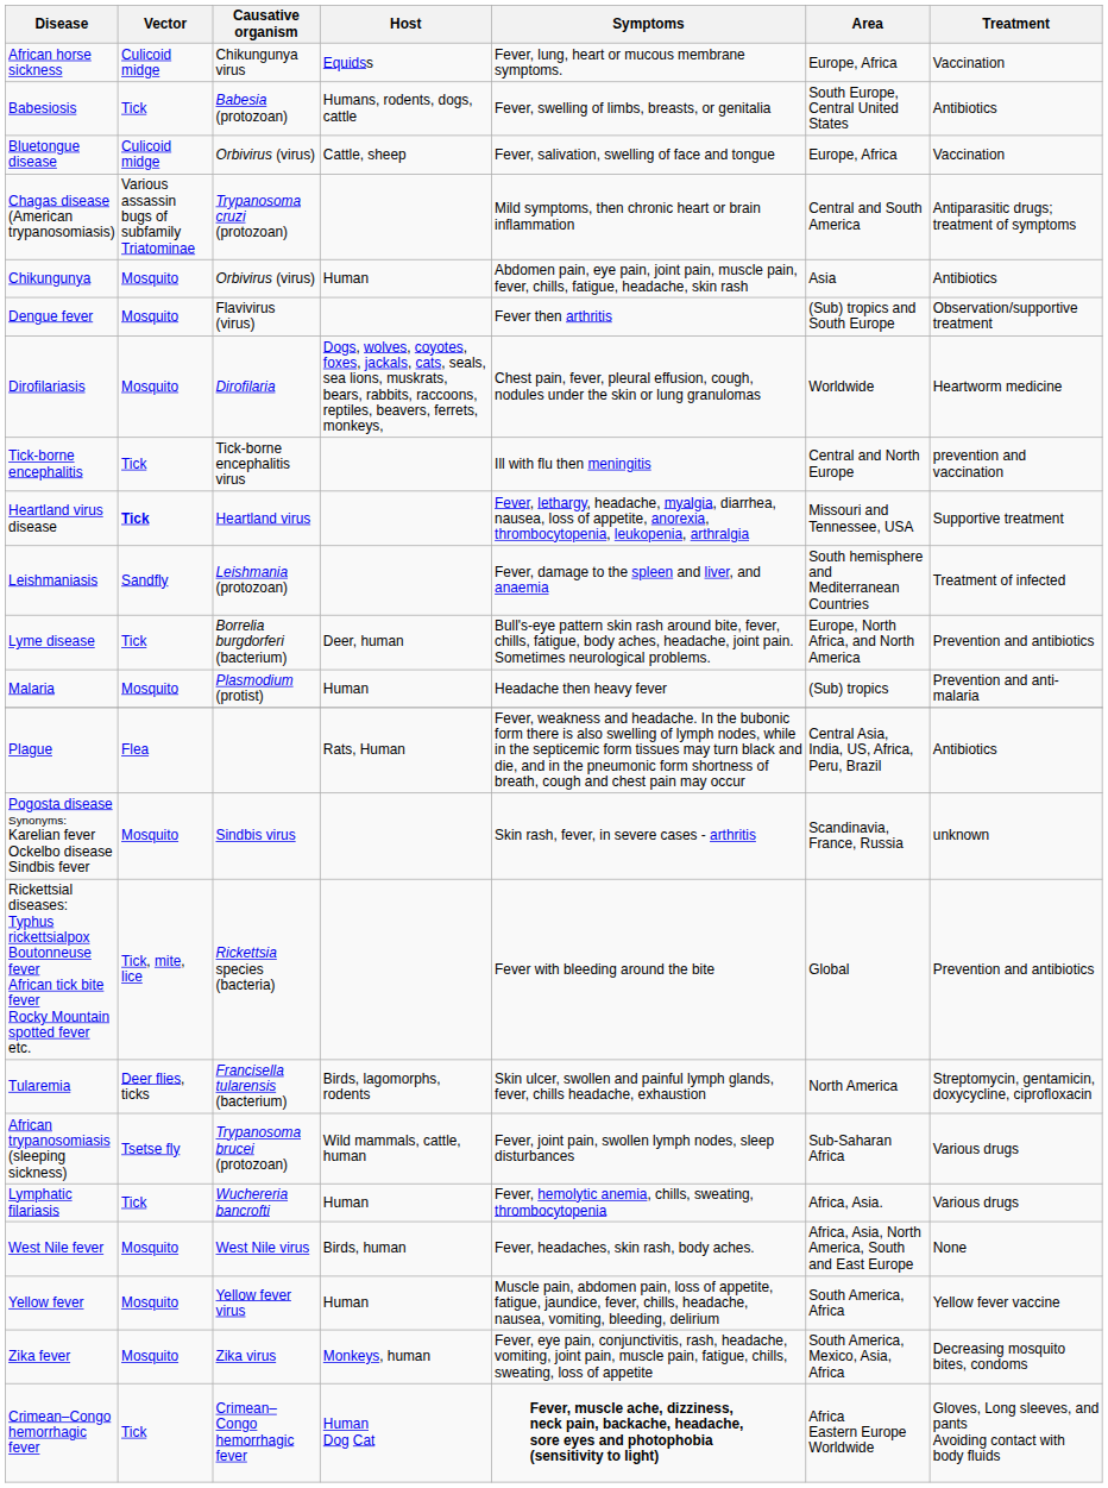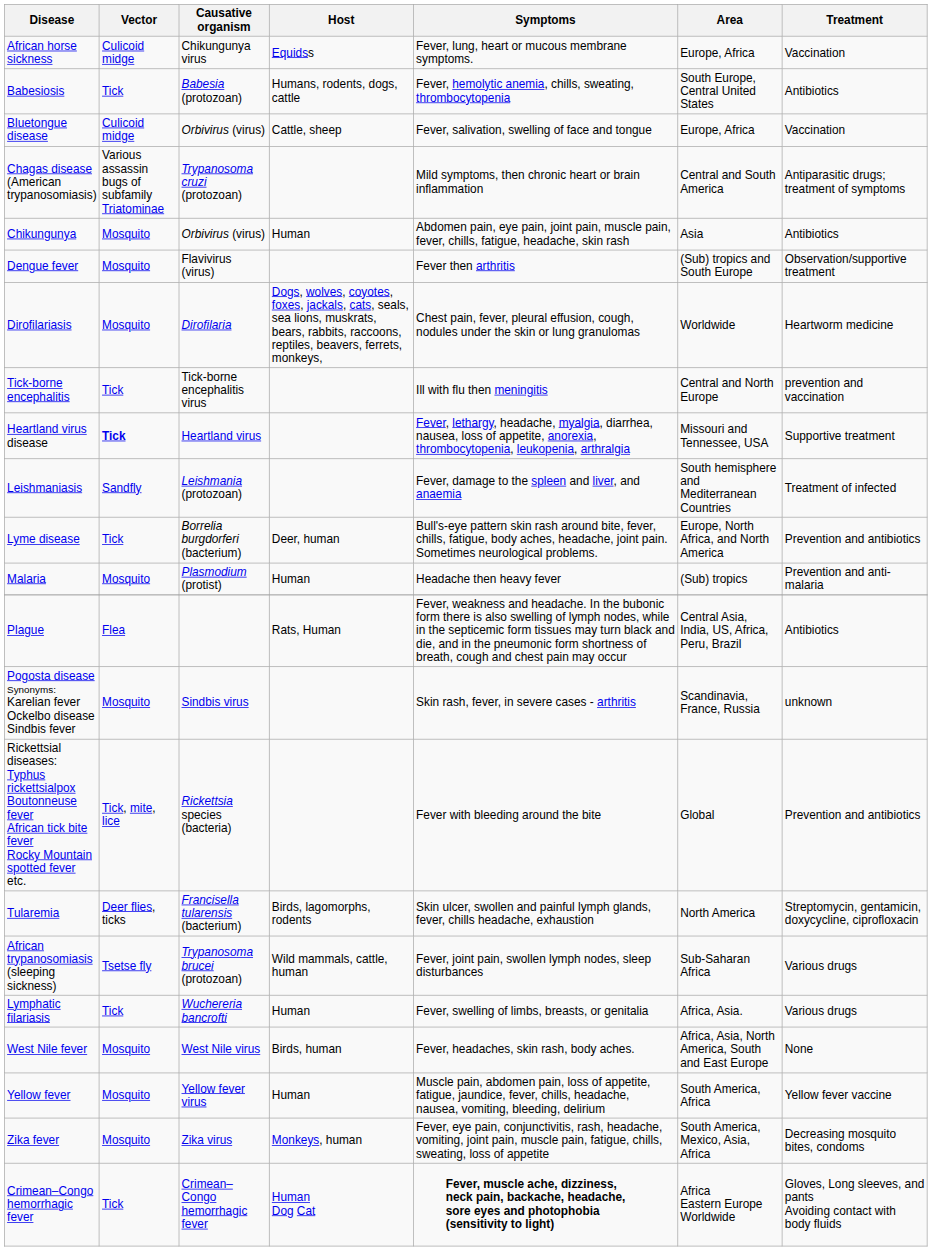 <table class="wikitable">
 <tr>
 <th width="100">Disease</th>
 <th width="100">Vector</th>
 <th>Causative organism</th>
 <th>Host</th>
 <th>Symptoms</th>
 <th>Area</th>
 <th>Treatment</th>
 </tr>
 <tr>
 <td><a href='#'>African horse sickness</a></td>
 <td><a href='#'>Culicoid midge</a></td>
 <td>Chikungunya virus</td>
 <td><a href='#'>Equids</a>s</td>
 <td>Fever, lung, heart or mucous membrane symptoms.</td>
 <td>Europe, Africa</td>
 <td>Vaccination</td>
 </tr>
 <tr>
 <td><a href='#'>Babesiosis</a></td>
 <td><a href='#'>Tick</a></td>
 <td><em><a href='#'>Babesia</a></em> (protozoan)</td>
 <td>Humans, rodents, dogs, cattle</td>
-<td>Fever, swelling of limbs, breasts, or genitalia</td>
+<td>Fever, <a href='#'>hemolytic anemia</a>, chills, sweating, <a href='#'>thrombocytopenia</a></td>
 <td>South Europe, Central United States</td>
 <td>Antibiotics</td>
 </tr>
 <tr>
 <td><a href='#'>Bluetongue disease</a></td>
 <td><a href='#'>Culicoid midge</a></td>
 <td><em>Orbivirus</em> (virus)</td>
 <td>Cattle, sheep</td>
 <td>Fever, salivation, swelling of face and tongue</td>
 <td>Europe, Africa</td>
 <td>Vaccination</td>
 </tr>
 <tr>
 <td><a href='#'>Chagas disease</a> (American trypanosomiasis)</td>
 <td>Various assassin bugs of subfamily <a href='#'>Triatominae</a></td>
 <td><em><a href='#'>Trypanosoma cruzi</a></em> (protozoan)</td>
 <td></td>
 <td>Mild symptoms, then chronic heart or brain inflammation</td>
 <td>Central and South America</td>
 <td>Antiparasitic drugs; treatment of symptoms</td>
 </tr>
 <tr>
 <td><a href='#'>Chikungunya</a></td>
 <td><a href='#'>Mosquito</a></td>
 <td><em>Orbivirus</em> (virus)</td>
 <td>Human</td>
 <td>Abdomen pain, eye pain, joint pain, muscle pain, fever, chills, fatigue, headache, skin rash</td>
 <td>Asia</td>
 <td>Antibiotics</td>
 </tr>
 <tr>
 <td><a href='#'>Dengue fever</a></td>
 <td><a href='#'>Mosquito</a></td>
 <td>Flavivirus (virus)</td>
 <td></td>
 <td>Fever then <a href='#'>arthritis</a></td>
 <td>(Sub) tropics and South Europe</td>
 <td>Observation/supportive treatment</td>
 </tr>
 <tr>
 <td><a href='#'>Dirofilariasis</a></td>
 <td><a href='#'>Mosquito</a></td>
 <td><em><a href='#'>Dirofilaria</a></em></td>
 <td><a href='#'>Dogs</a>, <a href='#'>wolves</a>, <a href='#'>coyotes</a>, <a href='#'>foxes</a>, <a href='#'>jackals</a>, <a href='#'>cats</a>, seals, sea lions, muskrats, bears, rabbits, raccoons, reptiles, beavers, ferrets, monkeys,</td>
 <td>Chest pain, fever, pleural effusion, cough, nodules under the skin or lung granulomas</td>
 <td>Worldwide</td>
 <td>Heartworm medicine</td>
 </tr>
 <tr>
 <td><a href='#'>Tick-borne encephalitis</a></td>
 <td><a href='#'>Tick</a></td>
 <td>Tick-borne encephalitis virus</td>
 <td></td>
 <td>Ill with flu then <a href='#'>meningitis</a></td>
 <td>Central and North Europe</td>
 <td>prevention and vaccination</td>
 </tr>
 <tr>
 <td><a href='#'>Heartland virus</a> disease</td>
 <td><strong><a href='#'>Tick</a></strong></td>
 <td><a href='#'>Heartland virus</a></td>
 <td></td>
 <td><a href='#'>Fever</a>, <a href='#'>lethargy</a>, headache, <a href='#'>myalgia</a>, diarrhea, nausea, loss of appetite, <a href='#'>anorexia</a>, <a href='#'>thrombocytopenia</a>, <a href='#'>leukopenia</a>, <a href='#'>arthralgia</a></td>
 <td>Missouri and Tennessee, USA</td>
 <td>Supportive treatment</td>
 </tr>
 <tr>
 <td><a href='#'>Leishmaniasis</a></td>
 <td><a href='#'>Sandfly</a></td>
 <td><em><a href='#'>Leishmania</a></em> (protozoan)</td>
 <td></td>
 <td>Fever, damage to the <a href='#'>spleen</a> and <a href='#'>liver</a>, and <a href='#'>anaemia</a></td>
 <td>South hemisphere and Mediterranean Countries</td>
 <td>Treatment of infected</td>
 </tr>
 <tr>
 <td><a href='#'>Lyme disease</a></td>
 <td><a href='#'>Tick</a></td>
 <td><em>Borrelia burgdorferi</em> (bacterium)</td>
 <td>Deer, human</td>
 <td>Bull's-eye pattern skin rash around bite, fever, chills, fatigue, body aches, headache, joint pain.  Sometimes neurological problems.</td>
 <td>Europe, North Africa, and North America</td>
 <td>Prevention and antibiotics</td>
 </tr>
 <tr>
 <td><a href='#'>Malaria</a></td>
 <td><a href='#'>Mosquito</a></td>
 <td><em><a href='#'>Plasmodium</a></em> (protist)</td>
 <td>Human</td>
 <td>Headache then heavy fever</td>
 <td>(Sub) tropics</td>
 <td>Prevention and anti-malaria</td>
 </tr>
 <tr>
 </tr>
 <tr>
 <td><a href='#'>Plague</a></td>
 <td><a href='#'>Flea</a></td>
 <td></td>
 <td>Rats, Human</td>
 <td>Fever, weakness and headache. In the bubonic form there is also swelling of lymph nodes, while in the septicemic form tissues may turn black and die, and in the pneumonic form shortness of breath, cough and chest pain may occur</td>
 <td>Central  Asia, India, US, Africa, Peru, Brazil</td>
 <td>Antibiotics</td>
 </tr>
 <tr>
 <td><a href='#'>Pogosta disease</a><br><small>Synonyms:</small><br>Karelian fever<br>Ockelbo disease<br>Sindbis fever</td>
 <td><a href='#'>Mosquito</a></td>
 <td><a href='#'>Sindbis virus</a></td>
 <td></td>
 <td>Skin rash, fever, in severe cases - <a href='#'>arthritis</a></td>
 <td>Scandinavia, France, Russia</td>
 <td>unknown</td>
 </tr>
 <tr>
 <td>Rickettsial diseases:<br><a href='#'>Typhus</a><br><a href='#'>rickettsialpox</a><br><a href='#'>Boutonneuse fever</a><br><a href='#'>African tick bite fever</a><br><a href='#'>Rocky Mountain spotted fever</a> etc.</td>
 <td><a href='#'>Tick</a>, <a href='#'>mite</a>, <a href='#'>lice</a></td>
 <td><em><a href='#'>Rickettsia</a></em> species (bacteria)</td>
 <td></td>
 <td>Fever with bleeding around the bite</td>
 <td>Global</td>
 <td>Prevention and antibiotics</td>
 </tr>
 <tr>
 <td><a href='#'>Tularemia</a></td>
 <td><a href='#'>Deer flies</a>, ticks</td>
 <td><em><a href='#'>Francisella tularensis</a></em> (bacterium)</td>
 <td>Birds, lagomorphs, rodents</td>
 <td>Skin ulcer, swollen and painful lymph glands, fever, chills headache, exhaustion</td>
 <td>North America</td>
 <td>Streptomycin, gentamicin, doxycycline, ciprofloxacin</td>
 </tr>
 <tr>
 <td><a href='#'>African trypanosomiasis</a> (sleeping sickness)</td>
 <td><a href='#'>Tsetse fly</a></td>
 <td><em><a href='#'>Trypanosoma brucei</a></em> (protozoan)</td>
 <td>Wild mammals, cattle, human</td>
 <td>Fever, joint pain, swollen lymph nodes, sleep disturbances</td>
 <td>Sub-Saharan Africa</td>
 <td>Various drugs</td>
 </tr>
 <tr>
 <td><a href='#'>Lymphatic filariasis</a></td>
 <td><a href='#'>Tick</a></td>
 <td><em><a href='#'>Wuchereria bancrofti</a></em></td>
 <td>Human</td>
-<td>Fever, <a href='#'>hemolytic anemia</a>, chills, sweating, <a href='#'>thrombocytopenia</a></td>
+<td>Fever, swelling of limbs, breasts, or genitalia</td>
 <td>Africa, Asia.</td>
 <td>Various drugs</td>
 </tr>
 <tr>
 <td><a href='#'>West Nile fever</a></td>
 <td><a href='#'>Mosquito</a></td>
 <td><a href='#'>West Nile virus</a></td>
 <td>Birds, human</td>
 <td>Fever, headaches, skin rash, body aches.</td>
 <td>Africa, Asia, North America, South and East Europe</td>
 <td>None</td>
 </tr>
 <tr>
 <td><a href='#'>Yellow fever</a></td>
 <td><a href='#'>Mosquito</a></td>
 <td><a href='#'>Yellow fever virus</a></td>
 <td>Human</td>
 <td>Muscle pain, abdomen pain, loss of appetite, fatigue, jaundice, fever, chills, headache, nausea, vomiting, bleeding, delirium</td>
 <td>South America, Africa</td>
 <td>Yellow fever vaccine</td>
 </tr>
 <tr>
 <td><a href='#'>Zika fever</a></td>
 <td><a href='#'>Mosquito</a></td>
 <td><a href='#'>Zika virus</a></td>
 <td><a href='#'>Monkeys</a>, human</td>
 <td>Fever, eye pain, conjunctivitis, rash, headache, vomiting, joint pain, muscle pain, fatigue, chills, sweating, loss of appetite</td>
 <td>South America, Mexico, Asia, Africa</td>
 <td>Decreasing mosquito bites, condoms</td>
 </tr>
 <tr>
 <td><a href='#'>Crimean–Congo hemorrhagic fever</a></td>
 <td><a href='#'>Tick</a></td>
 <td><a href='#'>Crimean–Congo hemorrhagic fever</a></td>
 <td><a href='#'>Human</a><br><a href='#'>Dog</a> <a href='#'>Cat</a></td>
 <td><blockquote><strong>Fever, muscle ache, dizziness, neck pain, backache, headache, sore eyes and photophobia (sensitivity to light)</strong></blockquote></td>
 <td>Africa<br>Eastern Europe Worldwide</td>
 <td>Gloves, Long sleeves, and pants<br>Avoiding contact with body fluids</td>
 </tr>
 </table>
